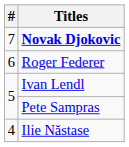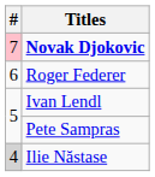 <table class="wikitable" style="display:inline-table;">
 <tr>
 <th>#</th>
 <th>Titles</th>
 </tr>
 <tr>
-<td style="text-align: center;">7</td>
+<td style="background: pink; text-align: center;">7</td>
 <td> <strong><a href='#'>Novak Djokovic</a></strong></td>
 </tr>
 <tr>
 <td style="text-align: center;">6</td>
 <td> <a href='#'>Roger Federer</a></td>
 </tr>
 <tr>
 <td rowspan="2" style="text-align: center;">5</td>
 <td> <a href='#'>Ivan Lendl</a></td>
 </tr>
 <tr>
 <td> <a href='#'>Pete Sampras</a></td>
 </tr>
 <tr>
-<td style="text-align: center;">4</td>
+<td style="background: lightgrey; text-align: center;">4</td>
 <td> <a href='#'>Ilie Năstase</a></td>
 </tr>
 </table>
